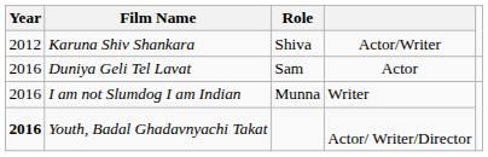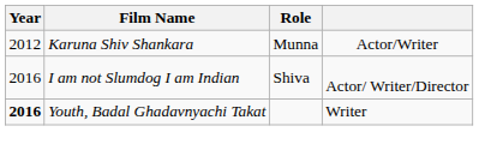 <table class="wikitable sortable">
 <tr>
 <th>Year</th>
 <th>Film Name</th>
 <th>Role</th>
 <th class="unsortable"></th>
 </tr>
 <tr>
 <td>2012</td>
 <td><em>Karuna Shiv Shankara</em></td>
-<td>Shiva</td>
+<td>Munna</td>
 <td style="text-align:center;">Actor/Writer</td>
 </tr>
 <tr>
 <td>2016</td>
-<td><em>Duniya Geli Tel Lavat</em></td>
-<td>Sam</td>
-<td style="text-align:center;">Actor</td>
-<td></td>
-</tr>
-<tr>
-<td>2016</td>
 <td><em>I am not Slumdog I am Indian</em></td>
-<td>Munna</td>
-<td>Writer</td>
+<td>Shiva</td>
+<td style="text-align:center;"><br>Actor/ Writer/Director</td>
 </tr>
 <tr>
 <td><strong>2016</strong></td>
 <td><em>Youth, Badal Ghadavnyachi Takat</em></td>
 <td></td>
-<td style="text-align:center;"><br>Actor/ Writer/Director</td>
+<td>Writer</td>
 </tr>
 </table>
